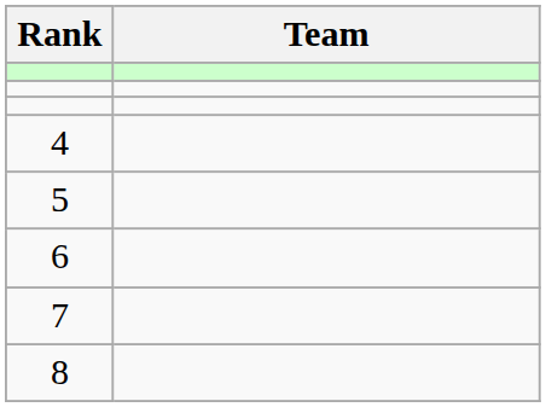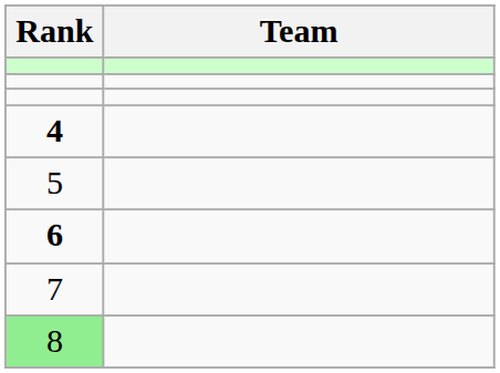 <table class="wikitable" style="text-align: center;">
 <tr>
 <th width=40>Rank</th>
 <th width=180>Team</th>
 </tr>
 <tr bgcolor=#ccffcc>
 <td></td>
 <td style="text-align:left;"></td>
 </tr>
 <tr>
 <td></td>
 <td style="text-align:left;"></td>
 </tr>
 <tr>
 <td></td>
 <td style="text-align:left;"></td>
 </tr>
 <tr>
-<td>4</td>
+<td><strong>4</strong></td>
 <td style="text-align:left;"></td>
 </tr>
 <tr>
 <td>5</td>
 <td style="text-align:left;"></td>
 </tr>
 <tr>
-<td>6</td>
+<td><strong>6</strong></td>
 <td style="text-align:left;"></td>
 </tr>
 <tr>
 <td>7</td>
 <td style="text-align:left;"></td>
 </tr>
 <tr>
-<td>8</td>
+<td style="background: lightgreen;">8</td>
 <td style="text-align:left;"></td>
 </tr>
 </table>
